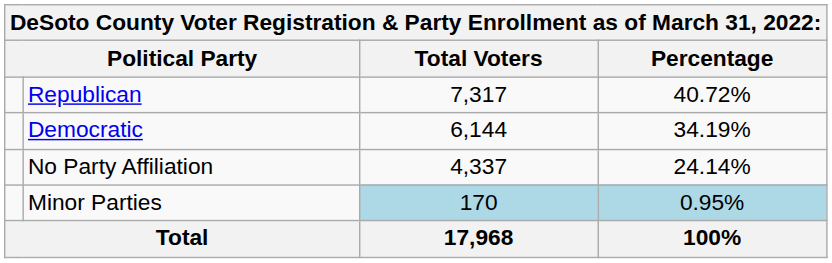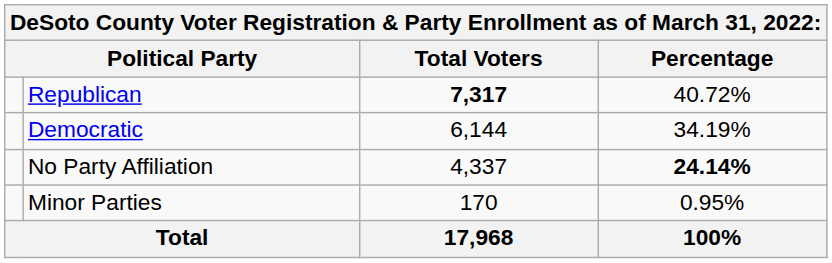 <table class=wikitable>
 <tr>
 <th colspan = 6>DeSoto County Voter Registration & Party Enrollment as of March 31, 2022:</th>
 </tr>
 <tr>
 <th colspan = 2>Political Party</th>
 <th>Total Voters</th>
 <th>Percentage</th>
 </tr>
 <tr>
 <td></td>
 <td><a href='#'>Republican</a></td>
-<td align = center>7,317</td>
+<td align = center><strong>7,317</strong></td>
 <td align = center>40.72%</td>
 </tr>
 <tr>
 <td></td>
 <td><a href='#'>Democratic</a></td>
 <td align = center>6,144</td>
 <td align = center>34.19%</td>
 </tr>
 <tr>
 <td></td>
 <td>No Party Affiliation</td>
 <td align = center>4,337</td>
-<td align = center>24.14%</td>
+<td align = center><strong>24.14%</strong></td>
 </tr>
 <tr>
 <td></td>
 <td>Minor Parties</td>
-<td align = center style="background: lightblue;">170</td>
-<td align = center style="background: lightblue;">0.95%</td>
+<td align = center>170</td>
+<td align = center>0.95%</td>
 </tr>
 <tr>
 <th colspan = 2>Total</th>
 <th align = center>17,968</th>
 <th align = center>100%</th>
 </tr>
 </table>
